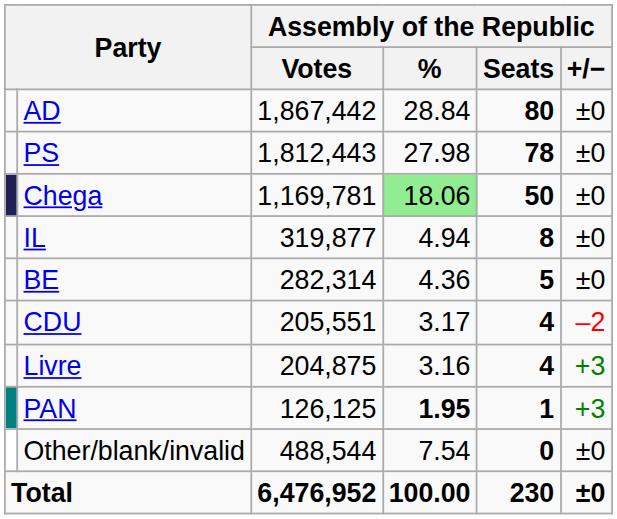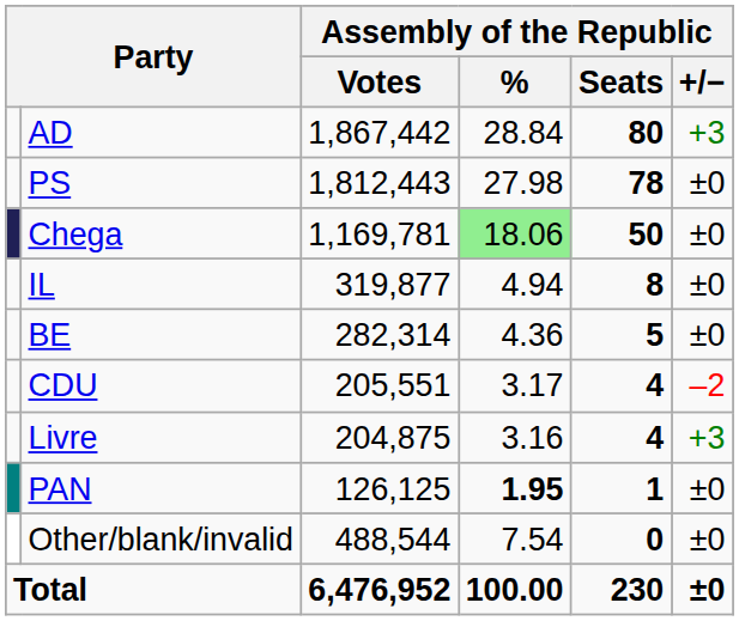 <table class="wikitable" style="text-align:right; font-size:95%;">
 <tr>
 <th colspan="2" rowspan="2">Party</th>
 <th colspan="4">Assembly of the Republic</th>
 </tr>
 <tr>
 <th>Votes</th>
 <th>%</th>
 <th>Seats</th>
 <th>+/−</th>
 </tr>
 <tr>
 <td style="background:"></td>
 <td align="left"><a href='#'>AD</a></td>
 <td>1,867,442</td>
 <td>28.84</td>
 <td><strong>80</strong></td>
-<td>±0</td>
+<td style="color:green;">+3</td>
 </tr>
 <tr>
 <td style="background:"></td>
 <td align="left"><a href='#'>PS</a></td>
 <td>1,812,443</td>
 <td>27.98</td>
 <td><strong>78</strong></td>
 <td>±0</td>
 </tr>
 <tr>
 <td style="background:#202056;"></td>
 <td align="left"><a href='#'>Chega</a></td>
 <td>1,169,781</td>
 <td style="background: lightgreen;">18.06</td>
 <td><strong>50</strong></td>
 <td>±0</td>
 </tr>
 <tr>
 <td style="background:"></td>
 <td align="left"><a href='#'>IL</a></td>
 <td>319,877</td>
 <td>4.94</td>
 <td><strong>8</strong></td>
 <td>±0</td>
 </tr>
 <tr>
 <td style="background:"></td>
 <td align="left"><a href='#'>BE</a></td>
 <td>282,314</td>
 <td>4.36</td>
 <td><strong>5</strong></td>
 <td>±0</td>
 </tr>
 <tr>
 <td style="background:"></td>
 <td align="left"><a href='#'>CDU</a></td>
 <td>205,551</td>
 <td>3.17</td>
 <td><strong>4</strong></td>
 <td style="color:red;">–2</td>
 </tr>
 <tr>
 <td style="background:"></td>
 <td align="left"><a href='#'>Livre</a></td>
 <td>204,875</td>
 <td>3.16</td>
 <td><strong>4</strong></td>
 <td style="color:green;">+3</td>
 </tr>
 <tr>
 <td style="background:teal;"></td>
 <td align="left"><a href='#'>PAN</a></td>
 <td>126,125</td>
 <td><strong>1.95</strong></td>
 <td><strong>1</strong></td>
-<td style="color:green;">+3</td>
+<td>±0</td>
 </tr>
 <tr>
 <td style="background:white;"></td>
 <td align="left">Other/blank/invalid</td>
 <td>488,544</td>
 <td>7.54</td>
 <td><strong>0</strong></td>
 <td>±0</td>
 </tr>
 <tr style="font-weight:bold">
 <td colspan="2" align="left">Total</td>
 <td>6,476,952</td>
 <td>100.00</td>
 <td>230</td>
 <td>±0</td>
 </tr>
 </table>
